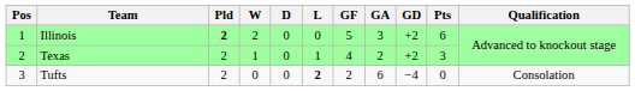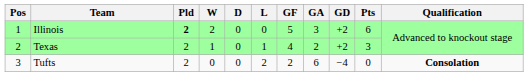 <table class="wikitable" style="text-align:center; margin: 1em auto">
 <tr>
 <th style="width:2em">Pos</th>
 <th style="width:13em">Team</th>
 <th style="width:2em">Pld</th>
 <th style="width:2em">W</th>
 <th style="width:2em">D</th>
 <th style="width:2em">L</th>
 <th style="width:2em">GF</th>
 <th style="width:2em">GA</th>
 <th style="width:2em">GD</th>
 <th style="width:2em">Pts</th>
 <th style="width:13em">Qualification</th>
 </tr>
 <tr bgcolor="#9eff9e">
 <td>1</td>
 <td style="text-align:left">Illinois</td>
 <td><strong>2</strong></td>
 <td>2</td>
 <td>0</td>
 <td>0</td>
 <td>5</td>
 <td>3</td>
 <td>+2</td>
 <td>6</td>
 <td rowspan="2">Advanced to knockout stage</td>
 </tr>
 <tr bgcolor="#9eff9e">
 <td>2</td>
 <td style="text-align:left">Texas</td>
 <td>2</td>
 <td>1</td>
 <td>0</td>
 <td>1</td>
 <td>4</td>
 <td>2</td>
 <td>+2</td>
 <td>3</td>
 </tr>
 <tr>
 <td>3</td>
 <td style="text-align:left">Tufts</td>
 <td>2</td>
 <td>0</td>
 <td>0</td>
-<td><strong>2</strong></td>
+<td>2</td>
 <td>2</td>
 <td>6</td>
 <td>−4</td>
 <td>0</td>
-<td>Consolation</td>
+<td><strong>Consolation</strong></td>
 </tr>
 </table>
